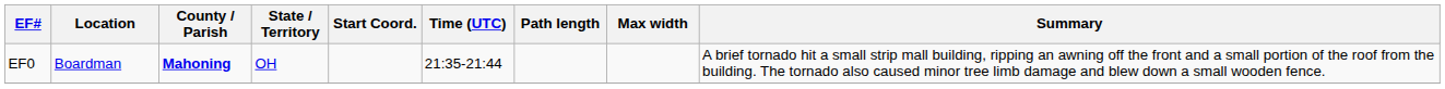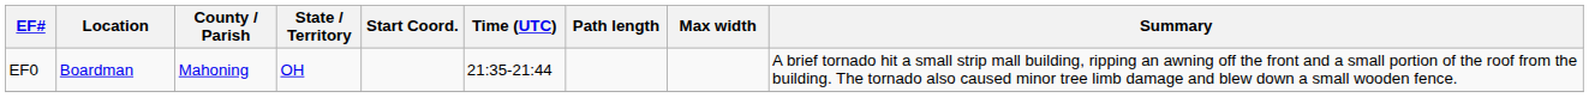 <table class="wikitable sortable" style="width:100%;">
 <tr>
 <th scope="col"  style="width:3%; text-align:center;"><a href='#'>EF#</a></th>
 <th scope="col"  style="width:7%; text-align:center;" class="unsortable">Location</th>
 <th scope="col"  style="width:6%; text-align:center;" class="unsortable">County / Parish</th>
 <th scope="col"  style="width:5%; text-align:center;">State / Territory</th>
 <th scope="col"  style="width:6%; text-align:center;">Start Coord.</th>
 <th scope="col"  style="width:6%; text-align:center;">Time (<a href='#'>UTC</a>)</th>
 <th scope="col"  style="width:6%; text-align:center;">Path length</th>
 <th scope="col"  style="width:6%; text-align:center;">Max width</th>
 <th scope="col" class="unsortable" style="width:48%; text-align:center;">Summary</th>
 </tr>
 <tr>
 <td>EF0</td>
 <td><a href='#'>Boardman</a></td>
-<td><strong><a href='#'>Mahoning</a></strong></td>
+<td><a href='#'>Mahoning</a></td>
 <td><a href='#'>OH</a></td>
 <td></td>
 <td>21:35-21:44</td>
 <td></td>
 <td></td>
 <td>A brief tornado hit a small strip mall building, ripping an awning off the front and a small portion of the roof from the building. The tornado also caused minor tree limb damage and blew down a small wooden fence.</td>
 </tr>
 <tr>
 </tr>
 </table>
